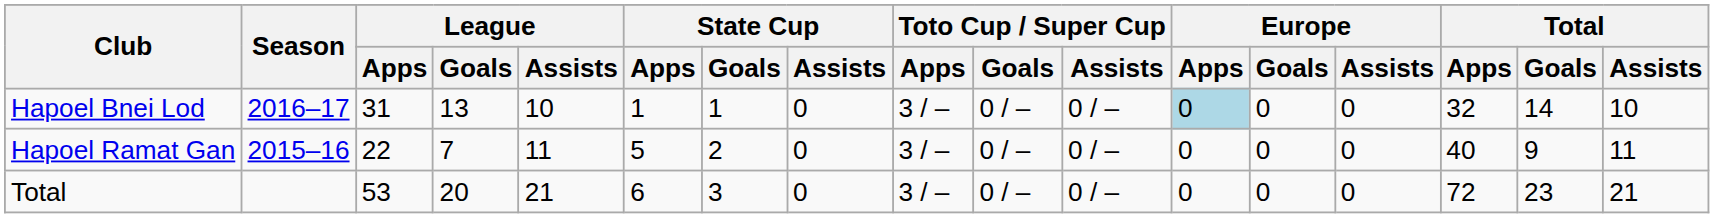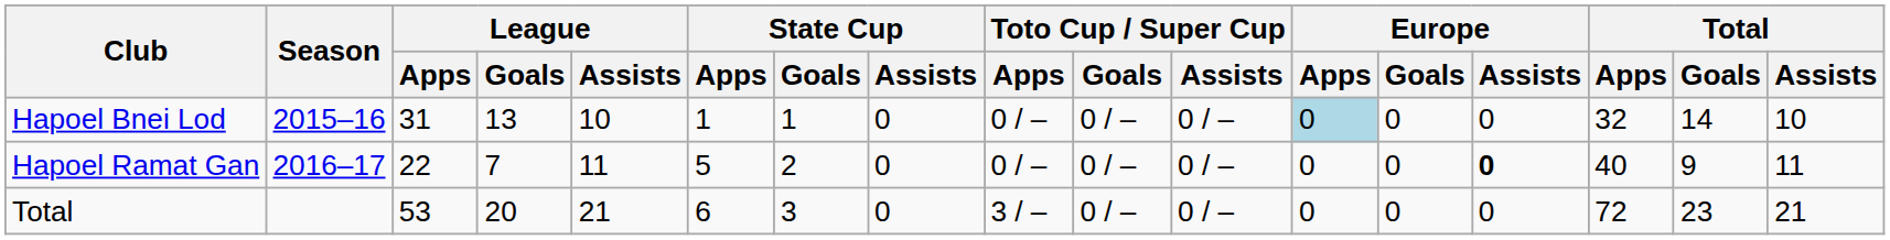 <table class="wikitable" style="font-size:90%; text-aligen: center;">
 <tr>
 <th rowspan="2">Club</th>
 <th rowspan="2">Season</th>
 <th colspan="3">League</th>
 <th colspan="3">State Cup</th>
 <th colspan="3">Toto Cup / Super Cup</th>
 <th colspan="3">Europe</th>
 <th colspan="3">Total</th>
 </tr>
 <tr>
 <th>Apps</th>
 <th>Goals</th>
 <th>Assists</th>
 <th>Apps</th>
 <th>Goals</th>
 <th>Assists</th>
 <th>Apps</th>
 <th>Goals</th>
 <th>Assists</th>
 <th>Apps</th>
 <th>Goals</th>
 <th>Assists</th>
 <th>Apps</th>
 <th>Goals</th>
 <th>Assists</th>
 </tr>
 <tr |-||-||-|>
 <td rowspan="1" valign="top"><a href='#'>Hapoel Bnei Lod</a></td>
-<td><a href='#'>2016–17</a></td>
+<td><a href='#'>2015–16</a></td>
 <td>31</td>
 <td>13</td>
 <td>10</td>
 <td>1</td>
 <td>1</td>
 <td>0</td>
-<td>3 / –</td>
+<td>0 / –</td>
 <td>0 / –</td>
 <td>0 / –</td>
 <td style="background: lightblue;">0</td>
 <td>0</td>
 <td>0</td>
 <td>32</td>
 <td>14</td>
 <td>10</td>
 </tr>
 <tr>
 <td rowspan="1" valign="top"><a href='#'>Hapoel Ramat Gan</a></td>
-<td><a href='#'>2015–16</a></td>
+<td><a href='#'>2016–17</a></td>
 <td>22</td>
 <td>7</td>
 <td>11</td>
 <td>5</td>
 <td>2</td>
 <td>0</td>
-<td>3 / –</td>
+<td>0 / –</td>
 <td>0 / –</td>
 <td>0 / –</td>
 <td>0</td>
 <td>0</td>
-<td>0</td>
+<td><strong>0</strong></td>
 <td>40</td>
 <td>9</td>
 <td>11</td>
 </tr>
 <tr>
 <td rowspan="1" valign="top">Total</td>
 <td></td>
 <td>53</td>
 <td>20</td>
 <td>21</td>
 <td>6</td>
 <td>3</td>
 <td>0</td>
 <td>3 / –</td>
 <td>0 / –</td>
 <td>0 / –</td>
 <td>0</td>
 <td>0</td>
 <td>0</td>
 <td>72</td>
 <td>23</td>
 <td>21</td>
 </tr>
 </table>
